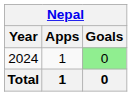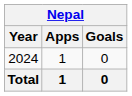 <table class="wikitable" style="text-align:center">
 <tr>
 <th colspan=3><a href='#'>Nepal</a></th>
 </tr>
 <tr>
 <th>Year</th>
 <th>Apps</th>
 <th>Goals</th>
 </tr>
 <tr>
 <td>2024</td>
 <td>1</td>
-<td style="background: lightgreen;">0</td>
+<td>0</td>
 </tr>
 <tr>
 <th>Total</th>
 <th>1</th>
 <th>0</th>
 </tr>
 </table>
